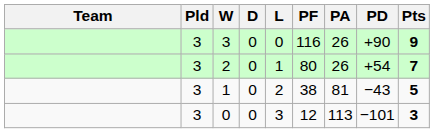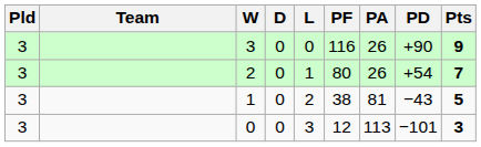 <table class="wikitable" style="text-align:center;">
 <tr>
+<th width=20 abbr="Played">Pld</th>
 <th width=175>Team</th>
-<th width=20 abbr="Played">Pld</th>
 <th width=20 abbr="Won">W</th>
 <th width=20 abbr="Drawn">D</th>
 <th width=20 abbr="Lost">L</th>
 <th width=20 abbr="Points for">PF</th>
 <th width=20 abbr="Points against">PA</th>
 <th width=25 abbr="Points difference">PD</th>
 <th width=20 abbr="Points">Pts</th>
 </tr>
 <tr style="background:#ccffcc">
+<td>3</td>
 <td align=left></td>
-<td>3</td>
 <td>3</td>
 <td>0</td>
 <td>0</td>
 <td>116</td>
 <td>26</td>
 <td>+90</td>
 <td><strong>9</strong></td>
 </tr>
 <tr style="background:#ccffcc">
+<td>3</td>
 <td align=left></td>
-<td>3</td>
 <td>2</td>
 <td>0</td>
 <td>1</td>
 <td>80</td>
 <td>26</td>
 <td>+54</td>
 <td><strong>7</strong></td>
 </tr>
 <tr>
+<td>3</td>
 <td align=left></td>
-<td>3</td>
 <td>1</td>
 <td>0</td>
 <td>2</td>
 <td>38</td>
 <td>81</td>
 <td>−43</td>
 <td><strong>5</strong></td>
 </tr>
 <tr>
+<td>3</td>
 <td align=left></td>
-<td>3</td>
 <td>0</td>
 <td>0</td>
 <td>3</td>
 <td>12</td>
 <td>113</td>
 <td>−101</td>
 <td><strong>3</strong></td>
 </tr>
 </table>
